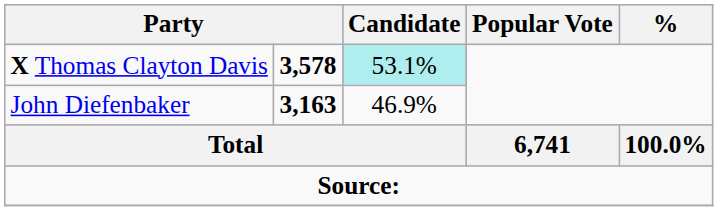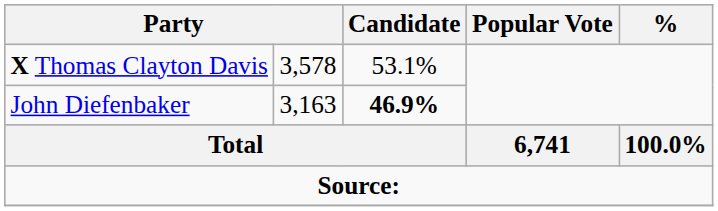 <table class="wikitable">
 <tr>
 <th colspan="2">Party</th>
 <th>Candidate</th>
 <th>Popular Vote</th>
 <th>%</th>
 </tr>
 <tr>
 <td> <strong>X</strong> <a href='#'>Thomas Clayton Davis</a></td>
-<td align=center><strong>3,578</strong></td>
-<td align=center style="background: paleturquoise;">53.1%</td>
+<td align=center>3,578</td>
+<td align=center>53.1%</td>
 </tr>
 <tr>
 <td><a href='#'>John Diefenbaker</a></td>
-<td align=center><strong>3,163</strong></td>
-<td align=center>46.9%</td>
+<td align=center>3,163</td>
+<td align=center><strong>46.9%</strong></td>
 </tr>
 <tr>
 <th colspan=3>Total</th>
 <th>6,741</th>
 <th>100.0%</th>
 </tr>
 <tr>
 <td align="center" colspan=5><strong>Source:</strong> </td>
 </tr>
 <tr>
 </tr>
 </table>
